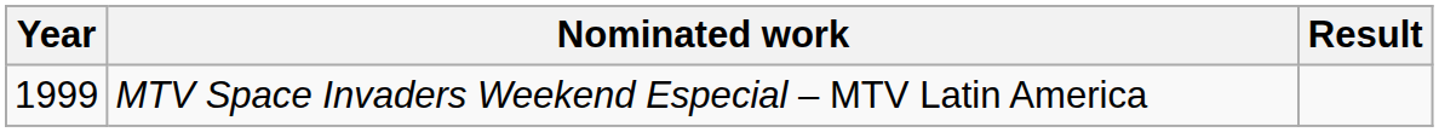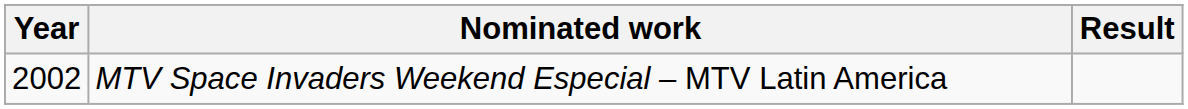 <table class="wikitable sortable plainrowheaders" style="margin-right: 0;">
 <tr>
 <th width="30”">Year</th>
 <th width="500">Nominated work</th>
 <th width="30">Result</th>
 </tr>
 <tr>
-<td scope="row">1999</td>
+<td scope="row">2002</td>
 <td><em>MTV Space Invaders Weekend Especial</em> – MTV Latin America</td>
 <td></td>
 </tr>
 </table>
